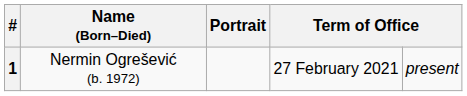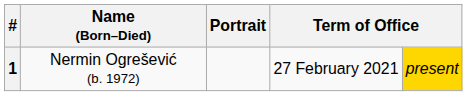 <table class="wikitable" style="text-align:center">
 <tr ->
 <th>#</th>
 <th width=180>Name<br><small>(Born–Died)</small></th>
 <th>Portrait</th>
 <th colspan=2>Term of Office</th>
 </tr>
 <tr ->
 <th align=center style="background: ">1</th>
 <td>Nermin Ogrešević<br><small>(b. 1972)</small></td>
 <td></td>
 <td>27 February 2021</td>
-<td><em>present</em></td>
+<td style="background: gold;"><em>present</em></td>
 </tr>
 </table>
